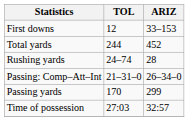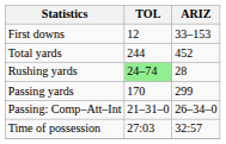 <table class="wikitable" style="float: left;">
 <tr>
 <th>Statistics</th>
 <th>TOL</th>
 <th>ARIZ</th>
 </tr>
 <tr>
 <td>First downs</td>
 <td>12</td>
 <td>33–153</td>
 </tr>
 <tr>
 <td>Total yards</td>
 <td>244</td>
 <td>452</td>
 </tr>
 <tr>
 <td>Rushing yards</td>
-<td>24–74</td>
+<td style="background: lightgreen;">24–74</td>
 <td>28</td>
+</tr>
+<tr>
+<td>Passing yards</td>
+<td>170</td>
+<td>299</td>
 </tr>
 <tr>
 <td>Passing: Comp–Att–Int</td>
 <td>21–31–0</td>
 <td>26–34–0</td>
-</tr>
-<tr>
-<td>Passing yards</td>
-<td>170</td>
-<td>299</td>
 </tr>
 <tr>
 <td>Time of possession</td>
 <td>27:03</td>
 <td>32:57</td>
 </tr>
 <tr>
 </tr>
 </table>
